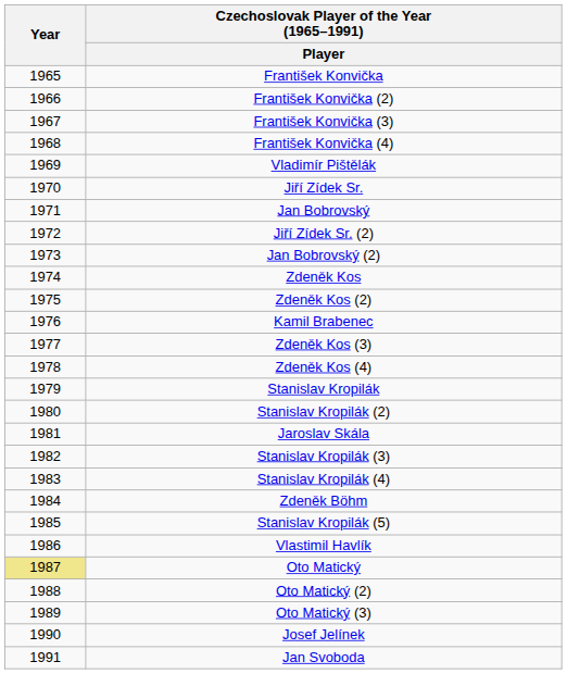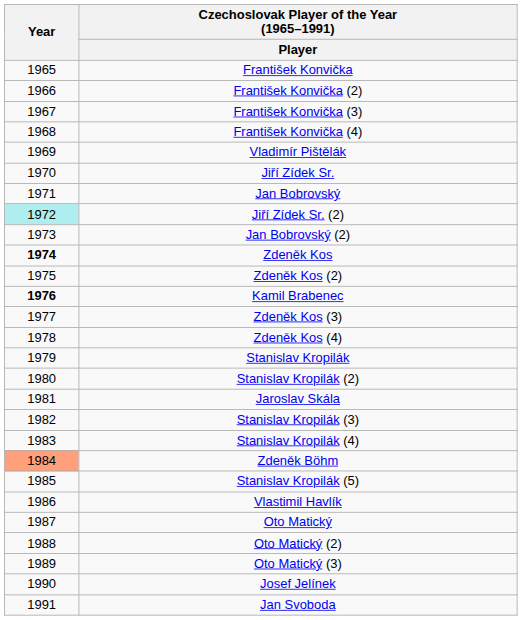 <table class="wikitable" style="text-align: center; width: 40%;">
 <tr>
 <th rowspan="2">Year</th>
 <th colspan="1">Czechoslovak Player of the Year <br>(1965–1991)</th>
 </tr>
 <tr>
 <th>Player</th>
 </tr>
 <tr>
 <td>1965</td>
 <td><a href='#'>František Konvička</a></td>
 </tr>
 <tr>
 <td>1966</td>
 <td><a href='#'>František Konvička</a> (2)</td>
 </tr>
 <tr>
 <td>1967</td>
 <td><a href='#'>František Konvička</a> (3)</td>
 </tr>
 <tr>
 <td>1968</td>
 <td><a href='#'>František Konvička</a> (4)</td>
 </tr>
 <tr>
 <td>1969</td>
 <td><a href='#'>Vladimír Pištělák</a></td>
 </tr>
 <tr>
 <td>1970</td>
 <td><a href='#'>Jiří Zídek Sr.</a></td>
 </tr>
 <tr>
 <td>1971</td>
 <td><a href='#'>Jan Bobrovský</a></td>
 </tr>
 <tr>
-<td>1972</td>
+<td style="background: paleturquoise;">1972</td>
 <td><a href='#'>Jiří Zídek Sr.</a> (2)</td>
 </tr>
 <tr>
 <td>1973</td>
 <td><a href='#'>Jan Bobrovský</a> (2)</td>
 </tr>
 <tr>
-<td>1974</td>
+<td><strong>1974</strong></td>
 <td><a href='#'>Zdeněk Kos</a></td>
 </tr>
 <tr>
 <td>1975</td>
 <td><a href='#'>Zdeněk Kos</a> (2)</td>
 </tr>
 <tr>
-<td>1976</td>
+<td><strong>1976</strong></td>
 <td><a href='#'>Kamil Brabenec</a></td>
 </tr>
 <tr>
 <td>1977</td>
 <td><a href='#'>Zdeněk Kos</a> (3)</td>
 </tr>
 <tr>
 <td>1978</td>
 <td><a href='#'>Zdeněk Kos</a> (4)</td>
 </tr>
 <tr>
 <td>1979</td>
 <td><a href='#'>Stanislav Kropilák</a></td>
 </tr>
 <tr>
 <td>1980</td>
 <td><a href='#'>Stanislav Kropilák</a> (2)</td>
 </tr>
 <tr>
 <td>1981</td>
 <td><a href='#'>Jaroslav Skála</a></td>
 </tr>
 <tr>
 <td>1982</td>
 <td><a href='#'>Stanislav Kropilák</a> (3)</td>
 </tr>
 <tr>
 <td>1983</td>
 <td><a href='#'>Stanislav Kropilák</a> (4)</td>
 </tr>
 <tr>
-<td>1984</td>
+<td style="background: lightsalmon;">1984</td>
 <td><a href='#'>Zdeněk Böhm</a></td>
 </tr>
 <tr>
 <td>1985</td>
 <td><a href='#'>Stanislav Kropilák</a> (5)</td>
 </tr>
 <tr>
 <td>1986</td>
 <td><a href='#'>Vlastimil Havlík</a></td>
 </tr>
 <tr>
-<td style="background: khaki;">1987</td>
+<td>1987</td>
 <td><a href='#'>Oto Matický</a></td>
 </tr>
 <tr>
 <td>1988</td>
 <td><a href='#'>Oto Matický</a> (2)</td>
 </tr>
 <tr>
 <td>1989</td>
 <td><a href='#'>Oto Matický</a> (3)</td>
 </tr>
 <tr>
 <td>1990</td>
 <td><a href='#'>Josef Jelínek</a></td>
 </tr>
 <tr>
 <td>1991</td>
 <td><a href='#'>Jan Svoboda</a></td>
 </tr>
 </table>
